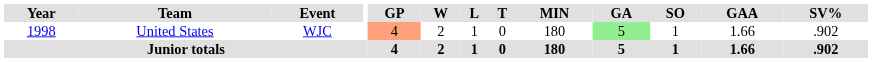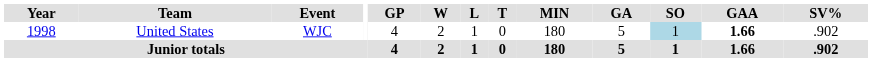 <table border="0" cellpadding="1" cellspacing="0" ID="Table3" style="text-align:center; width:60em">
 <tr ALIGN="center" bgcolor="#e0e0e0">
 <th>Year</th>
 <th>Team</th>
 <th>Event</th>
 <th rowspan="99" bgcolor="#ffffff"></th>
 <th>GP</th>
 <th>W</th>
 <th>L</th>
 <th>T</th>
 <th>MIN</th>
 <th>GA</th>
 <th>SO</th>
 <th>GAA</th>
 <th>SV%</th>
 </tr>
 <tr>
 <td><a href='#'>1998</a></td>
 <td><a href='#'>United States</a></td>
 <td><a href='#'>WJC</a></td>
-<td style="background: lightsalmon;">4</td>
+<td>4</td>
 <td>2</td>
 <td>1</td>
 <td>0</td>
 <td>180</td>
-<td style="background: lightgreen;">5</td>
-<td>1</td>
-<td>1.66</td>
+<td>5</td>
+<td style="background: lightblue;">1</td>
+<td><strong>1.66</strong></td>
 <td>.902</td>
 </tr>
 <tr bgcolor="#e0e0e0">
 <th colspan=4>Junior totals</th>
 <th>4</th>
 <th>2</th>
 <th>1</th>
 <th>0</th>
 <th>180</th>
 <th>5</th>
 <th>1</th>
 <th>1.66</th>
 <th>.902</th>
 </tr>
 </table>
